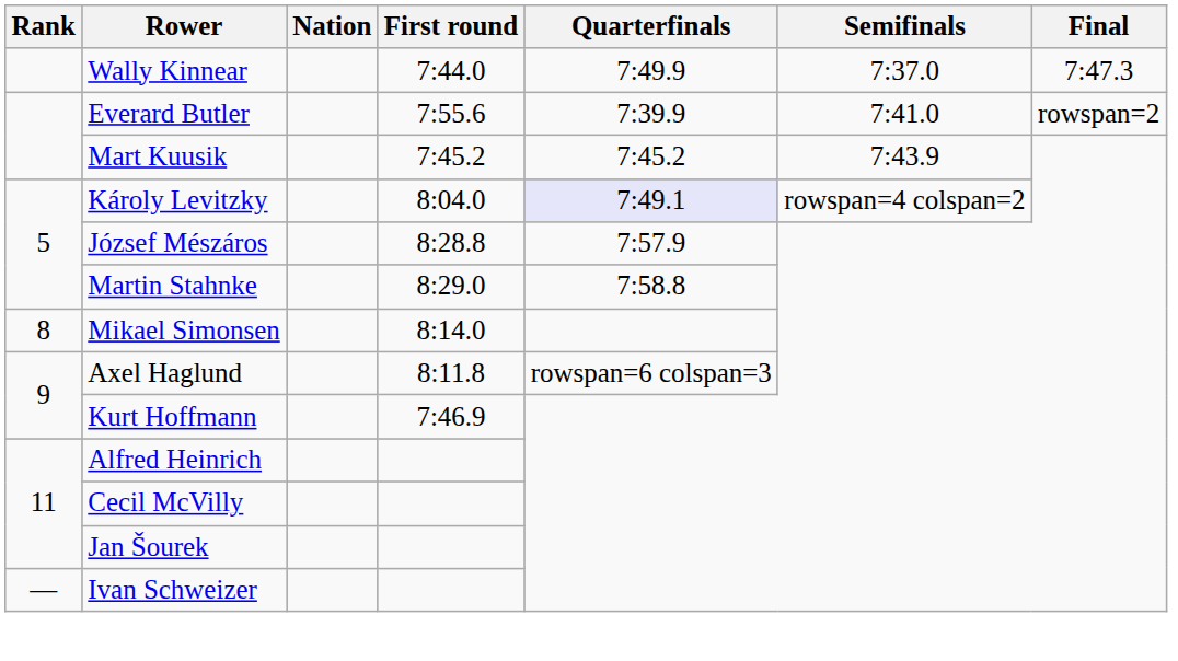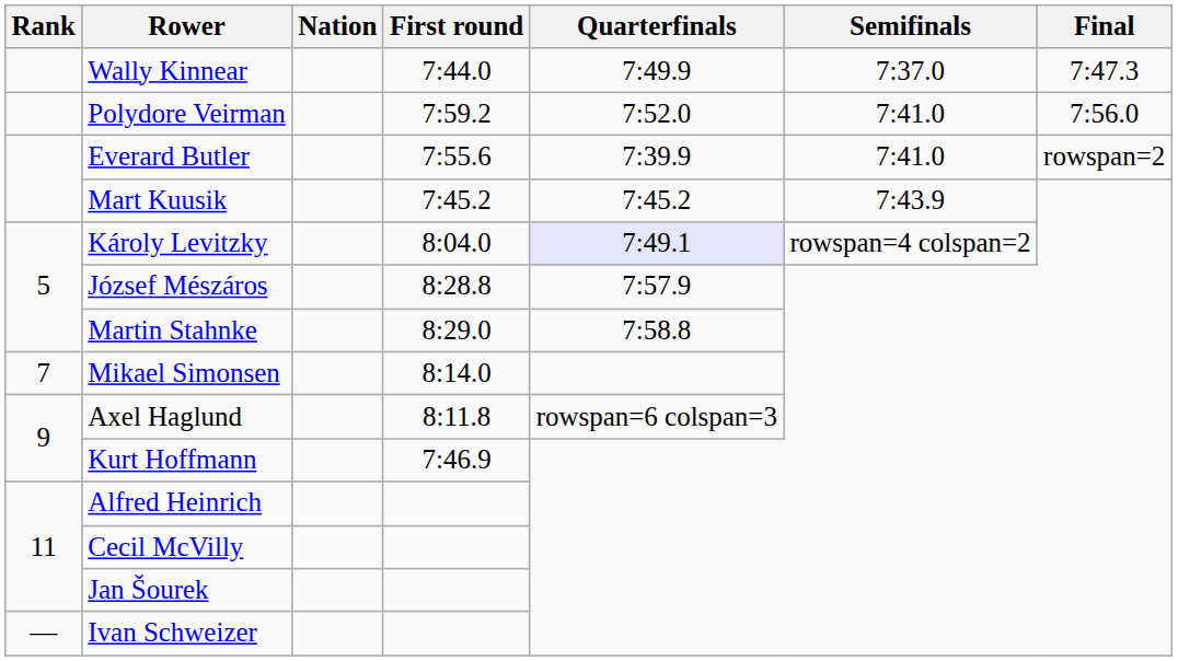 <table class="wikitable sortable" style="text-align:center">
 <tr>
 <th>Rank</th>
 <th>Rower</th>
 <th>Nation</th>
 <th>First round</th>
 <th>Quarterfinals</th>
 <th>Semifinals</th>
 <th>Final</th>
 </tr>
 <tr>
 <td></td>
 <td align=left><a href='#'>Wally Kinnear</a></td>
 <td align=left></td>
 <td>7:44.0</td>
 <td>7:49.9</td>
 <td>7:37.0</td>
 <td>7:47.3</td>
+</tr>
+<tr>
+<td></td>
+<td align=left><a href='#'>Polydore Veirman</a></td>
+<td align=left></td>
+<td>7:59.2</td>
+<td>7:52.0</td>
+<td>7:41.0</td>
+<td>7:56.0</td>
 </tr>
 <tr>
 <td rowspan=2></td>
 <td align=left><a href='#'>Everard Butler</a></td>
 <td align=left></td>
 <td>7:55.6</td>
 <td>7:39.9</td>
 <td>7:41.0</td>
 <td>rowspan=2 </td>
 </tr>
 <tr>
 <td align=left><a href='#'>Mart Kuusik</a></td>
 <td align=left></td>
 <td>7:45.2</td>
 <td>7:45.2</td>
 <td>7:43.9</td>
 </tr>
 <tr>
 <td rowspan=3>5</td>
 <td align=left><a href='#'>Károly Levitzky</a></td>
 <td align=left></td>
 <td>8:04.0</td>
 <td style="background: lavender;">7:49.1</td>
 <td>rowspan=4 colspan=2 </td>
 </tr>
 <tr>
 <td align=left><a href='#'>József Mészáros</a></td>
 <td align=left></td>
 <td>8:28.8</td>
 <td>7:57.9</td>
 </tr>
 <tr>
 <td align=left><a href='#'>Martin Stahnke</a></td>
 <td align=left></td>
 <td>8:29.0</td>
 <td>7:58.8</td>
 </tr>
 <tr>
-<td>8</td>
+<td>7</td>
 <td align=left><a href='#'>Mikael Simonsen</a></td>
 <td align=left></td>
 <td>8:14.0</td>
 <td data-sort-value=9:99.9></td>
 </tr>
 <tr>
 <td rowspan=2>9</td>
 <td align=left>Axel Haglund</td>
 <td align=left></td>
 <td>8:11.8</td>
 <td>rowspan=6 colspan=3 </td>
 </tr>
 <tr>
 <td align=left><a href='#'>Kurt Hoffmann</a></td>
 <td align=left></td>
 <td>7:46.9</td>
 </tr>
 <tr>
 <td rowspan=3>11</td>
 <td align=left><a href='#'>Alfred Heinrich</a></td>
 <td align=left></td>
 <td data-sort-value=9:99.0></td>
 </tr>
 <tr>
 <td align=left><a href='#'>Cecil McVilly</a></td>
 <td align=left></td>
 <td data-sort-value=9:99.0></td>
 </tr>
 <tr>
 <td align=left><a href='#'>Jan Šourek</a></td>
 <td align=left></td>
 <td data-sort-value=9:99.9></td>
 </tr>
 <tr>
 <td data-sort-value=14>—</td>
 <td align=left><a href='#'>Ivan Schweizer</a></td>
 <td align=left></td>
 <td data-sort-value=9:99.9></td>
 </tr>
 </table>
